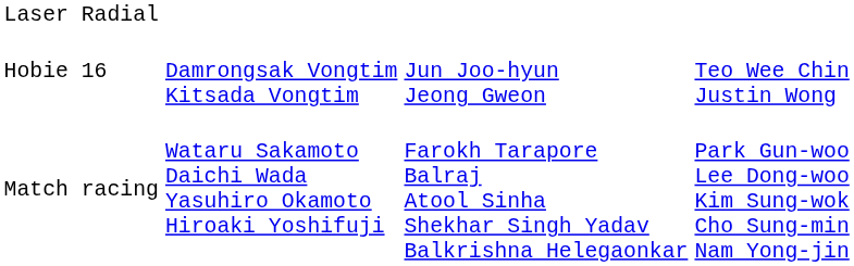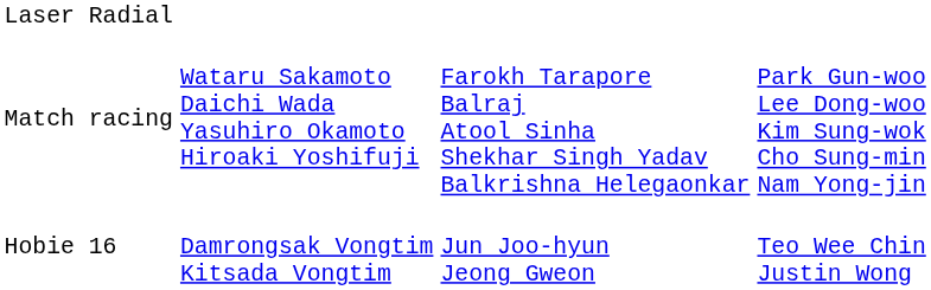 <table>
 <tr>
 <td>Laser Radial<br></td>
 <td></td>
 <td></td>
 <td></td>
 </tr>
 <tr>
+<td>Match racing<br></td>
+<td valign=top><br><a href='#'>Wataru Sakamoto</a><br><a href='#'>Daichi Wada</a><br><a href='#'>Yasuhiro Okamoto</a><br><a href='#'>Hiroaki Yoshifuji</a></td>
+<td><br><a href='#'>Farokh Tarapore</a><br><a href='#'>Balraj</a><br><a href='#'>Atool Sinha</a><br><a href='#'>Shekhar Singh Yadav</a><br><a href='#'>Balkrishna Helegaonkar</a></td>
+<td><br><a href='#'>Park Gun-woo</a><br><a href='#'>Lee Dong-woo</a><br><a href='#'>Kim Sung-wok</a><br><a href='#'>Cho Sung-min</a><br><a href='#'>Nam Yong-jin</a></td>
+</tr>
+<tr>
 <td>Hobie 16<br></td>
 <td><br><a href='#'>Damrongsak Vongtim</a><br><a href='#'>Kitsada Vongtim</a></td>
 <td><br><a href='#'>Jun Joo-hyun</a><br><a href='#'>Jeong Gweon</a></td>
 <td><br><a href='#'>Teo Wee Chin</a><br><a href='#'>Justin Wong</a></td>
 </tr>
-<tr>
-<td>Match racing<br></td>
-<td valign=top><br><a href='#'>Wataru Sakamoto</a><br><a href='#'>Daichi Wada</a><br><a href='#'>Yasuhiro Okamoto</a><br><a href='#'>Hiroaki Yoshifuji</a></td>
-<td><br><a href='#'>Farokh Tarapore</a><br><a href='#'>Balraj</a><br><a href='#'>Atool Sinha</a><br><a href='#'>Shekhar Singh Yadav</a><br><a href='#'>Balkrishna Helegaonkar</a></td>
-<td><br><a href='#'>Park Gun-woo</a><br><a href='#'>Lee Dong-woo</a><br><a href='#'>Kim Sung-wok</a><br><a href='#'>Cho Sung-min</a><br><a href='#'>Nam Yong-jin</a></td>
-</tr>
 </table>
